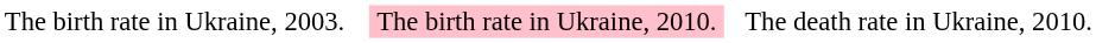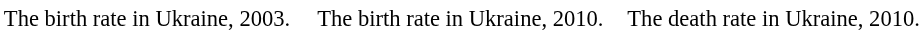 <table class="whitetable" style="text-align:center">
 <tr>
 <td width="32%"></td>
 <td width="1%"></td>
 <td width="32%"></td>
 <td width="1%"></td>
 <td width="32%"></td>
 <td width="1%"></td>
 </tr>
 <tr>
 <td>The birth rate in Ukraine, 2003.</td>
 <td></td>
-<td style="background: pink;">The birth rate in Ukraine, 2010.</td>
+<td>The birth rate in Ukraine, 2010.</td>
 <td></td>
 <td>The death rate in Ukraine, 2010.</td>
 <td></td>
 </tr>
 </table>
